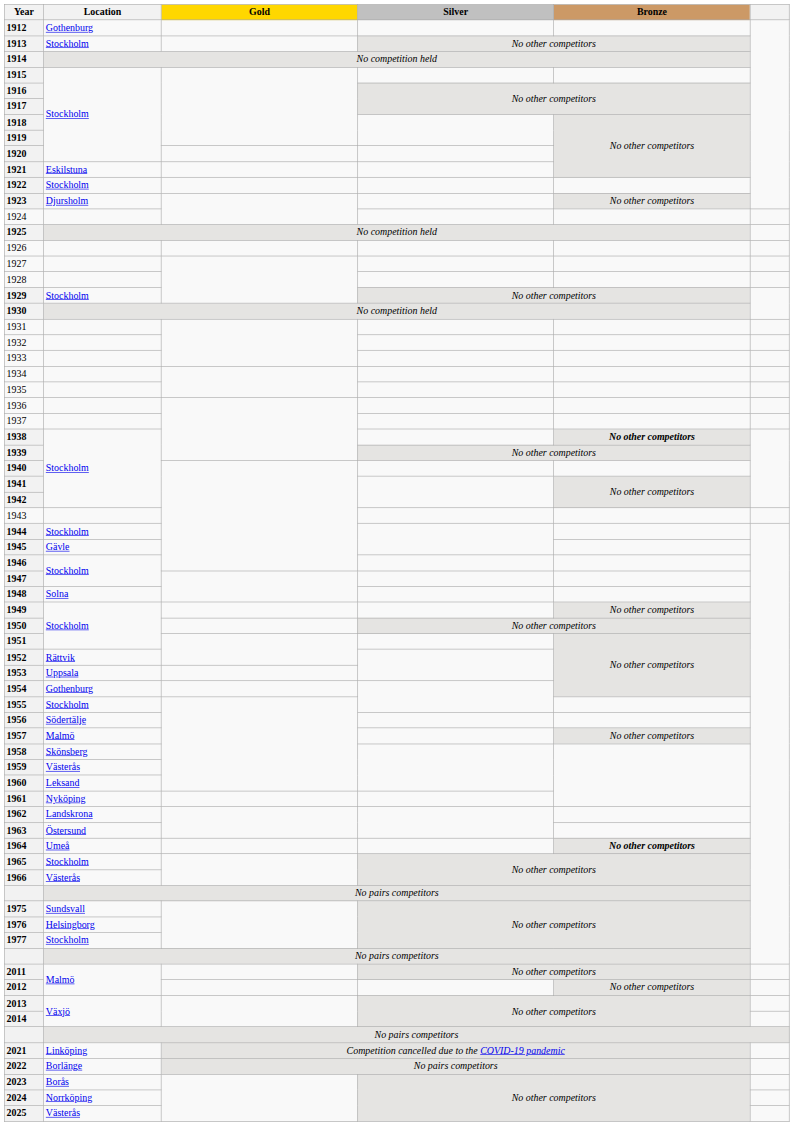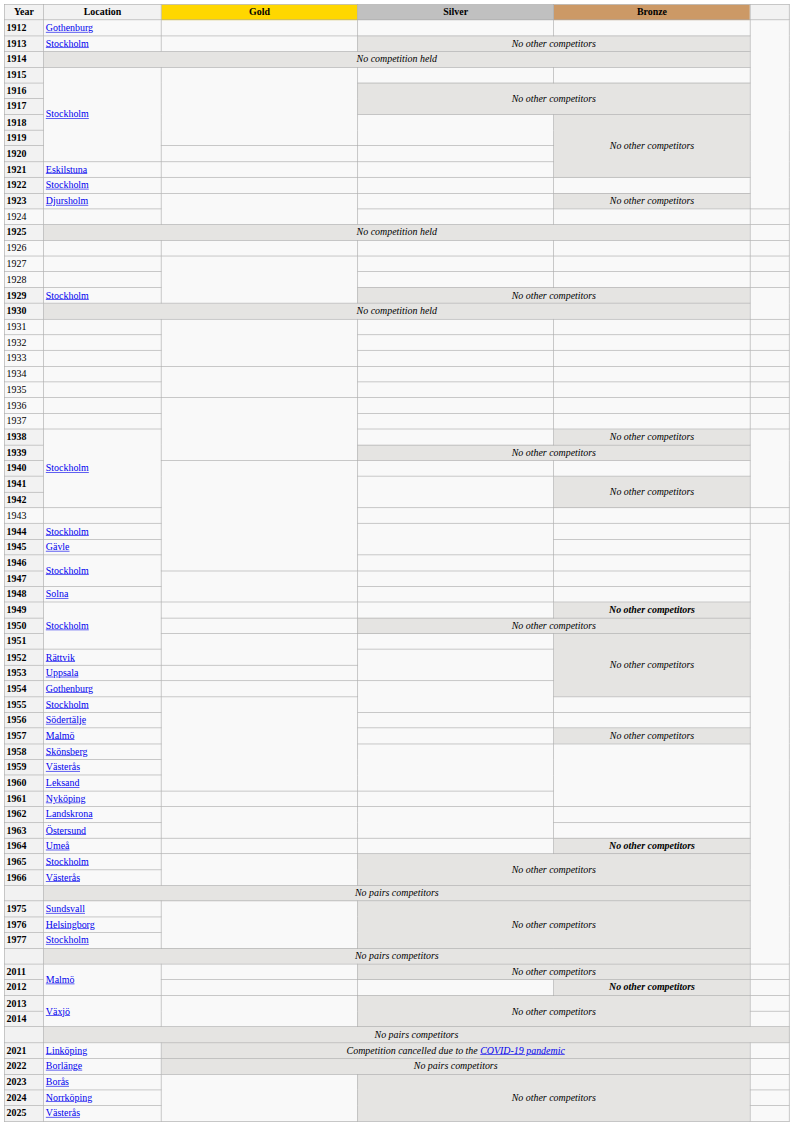 <table class="wikitable unsortable" style="text-align:left; width:80%">
 <tr>
 <th scope="col" style="text-align:center; width:5%">Year</th>
 <th scope="col" style="text-align:center; width:15%">Location</th>
 <th scope="col" style="text-align:center; width:25%; background:gold">Gold</th>
 <th scope="col" style="text-align:center; width:25%; background:silver">Silver</th>
 <th scope="col" style="text-align:center; width:25%; background:#c96">Bronze</th>
 <th scope="col" style="text-align:center; width:5%"></th>
 </tr>
 <tr>
 <th scope="row" style="text-align:left">1912</th>
 <td><a href='#'>Gothenburg</a></td>
 <td></td>
 <td></td>
 <td></td>
 <td rowspan="12"></td>
 </tr>
 <tr>
 <th scope="row" style="text-align:left">1913</th>
 <td><a href='#'>Stockholm</a></td>
 <td></td>
 <td colspan="2" align="center" bgcolor="e5e4e2"><em>No other competitors</em></td>
 </tr>
 <tr>
 <th scope="row" style="text-align:left">1914</th>
 <td colspan="4" align="center" bgcolor="e5e4e2"><em>No competition held</em></td>
 </tr>
 <tr>
 <th scope="row" style="text-align:left">1915</th>
 <td rowspan="6"><a href='#'>Stockholm</a></td>
 <td rowspan="5"></td>
 <td></td>
 <td></td>
 </tr>
 <tr>
 <th scope="row" style="text-align:left">1916</th>
 <td colspan="2" rowspan="2" align="center" bgcolor="e5e4e2"><em>No other competitors</em></td>
 </tr>
 <tr>
 <th scope="row" style="text-align:left">1917</th>
 </tr>
 <tr>
 <th scope="row" style="text-align:left">1918</th>
 <td rowspan="2"></td>
 <td rowspan="4" align="center" bgcolor="e5e4e2"><em>No other competitors</em></td>
 </tr>
 <tr>
 <th scope="row" style="text-align:left">1919</th>
 </tr>
 <tr>
 <th scope="row" style="text-align:left">1920</th>
 <td></td>
 <td></td>
 </tr>
 <tr>
 <th scope="row" style="text-align:left">1921</th>
 <td><a href='#'>Eskilstuna</a></td>
 <td></td>
 <td></td>
 </tr>
 <tr>
 <th scope="row" style="text-align:left">1922</th>
 <td><a href='#'>Stockholm</a></td>
 <td></td>
 <td></td>
 <td></td>
 </tr>
 <tr>
 <th scope="row" style="text-align:left">1923</th>
 <td><a href='#'>Djursholm</a></td>
 <td rowspan="2"></td>
 <td></td>
 <td align="center" bgcolor="e5e4e2"><em>No other competitors</em></td>
 </tr>
 <tr>
 <td>1924</td>
 <td></td>
 <td></td>
 <td></td>
 <td></td>
 </tr>
 <tr>
 <th scope="row" style="text-align:left">1925</th>
 <td colspan="4" align="center" bgcolor="e5e4e2"><em>No competition held</em></td>
 <td></td>
 </tr>
 <tr>
 <td>1926</td>
 <td></td>
 <td></td>
 <td></td>
 <td></td>
 <td></td>
 </tr>
 <tr>
 <td>1927</td>
 <td></td>
 <td rowspan="3"></td>
 <td></td>
 <td></td>
 <td></td>
 </tr>
 <tr>
 <td>1928</td>
 <td></td>
 <td></td>
 <td></td>
 <td></td>
 </tr>
 <tr>
 <th scope="row" style="text-align:left">1929</th>
 <td><a href='#'>Stockholm</a></td>
 <td colspan="2" align="center" bgcolor="e5e4e2"><em>No other competitors</em></td>
 <td rowspan="2"></td>
 </tr>
 <tr>
 <th scope="row" style="text-align:left">1930</th>
 <td colspan="4" align="center" bgcolor="e5e4e2"><em>No competition held</em></td>
 </tr>
 <tr>
 <td>1931</td>
 <td></td>
 <td rowspan="3"></td>
 <td></td>
 <td></td>
 <td></td>
 </tr>
 <tr>
 <td>1932</td>
 <td></td>
 <td></td>
 <td></td>
 <td></td>
 </tr>
 <tr>
 <td>1933</td>
 <td></td>
 <td></td>
 <td></td>
 <td></td>
 </tr>
 <tr>
 <td>1934</td>
 <td></td>
 <td rowspan="2"></td>
 <td></td>
 <td></td>
 <td></td>
 </tr>
 <tr>
 <td>1935</td>
 <td></td>
 <td></td>
 <td></td>
 <td></td>
 </tr>
 <tr>
 <td>1936</td>
 <td></td>
 <td rowspan="4"></td>
 <td></td>
 <td></td>
 <td></td>
 </tr>
 <tr>
 <td>1937</td>
 <td></td>
 <td></td>
 <td></td>
 <td></td>
 </tr>
 <tr>
 <th scope="row" style="text-align:left">1938</th>
 <td rowspan="5"><a href='#'>Stockholm</a></td>
 <td></td>
-<td align="center" bgcolor="e5e4e2"><strong><em>No other competitors</em></strong></td>
+<td align="center" bgcolor="e5e4e2"><em>No other competitors</em></td>
 <td rowspan="5"></td>
 </tr>
 <tr>
 <th scope="row" style="text-align:left">1939</th>
 <td colspan="2" align="center" bgcolor="e5e4e2"><em>No other competitors</em></td>
 </tr>
 <tr>
 <th scope="row" style="text-align:left">1940</th>
 <td rowspan="7"></td>
 <td></td>
 <td></td>
 </tr>
 <tr>
 <th scope="row" style="text-align:left">1941</th>
 <td rowspan="2"></td>
 <td rowspan="2" align="center" bgcolor="e5e4e2"><em>No other competitors</em></td>
 </tr>
 <tr>
 <th scope="row" style="text-align:left">1942</th>
 </tr>
 <tr>
 <td>1943</td>
 <td></td>
 <td></td>
 <td></td>
 <td></td>
 </tr>
 <tr>
 <th scope="row" style="text-align:left">1944</th>
 <td><a href='#'>Stockholm</a></td>
 <td rowspan="2"></td>
 <td></td>
 <td rowspan="28"></td>
 </tr>
 <tr>
 <th scope="row" style="text-align:left">1945</th>
 <td><a href='#'>Gävle</a></td>
 <td></td>
 </tr>
 <tr>
 <th scope="row" style="text-align:left">1946</th>
 <td rowspan="2"><a href='#'>Stockholm</a></td>
 <td></td>
 <td></td>
 </tr>
 <tr>
 <th scope="row" style="text-align:left">1947</th>
 <td rowspan="2"></td>
 <td></td>
 <td></td>
 </tr>
 <tr>
 <th scope="row" style="text-align:left">1948</th>
 <td><a href='#'>Solna</a></td>
 <td></td>
 <td></td>
 </tr>
 <tr>
 <th scope="row" style="text-align:left">1949</th>
 <td rowspan="3"><a href='#'>Stockholm</a></td>
 <td></td>
 <td></td>
-<td align="center" bgcolor="e5e4e2"><em>No other competitors</em></td>
+<td align="center" bgcolor="e5e4e2"><strong><em>No other competitors</em></strong></td>
 </tr>
 <tr>
 <th scope="row" style="text-align:left">1950</th>
 <td></td>
 <td colspan="2" align="center" bgcolor="e5e4e2"><em>No other competitors</em></td>
 </tr>
 <tr>
 <th scope="row" style="text-align:left">1951</th>
 <td rowspan="2"></td>
 <td></td>
 <td rowspan="4" align="center" bgcolor="e5e4e2"><em>No other competitors</em></td>
 </tr>
 <tr>
 <th scope="row" style="text-align:left">1952</th>
 <td><a href='#'>Rättvik</a></td>
 <td rowspan="2"></td>
 </tr>
 <tr>
 <th scope="row" style="text-align:left">1953</th>
 <td><a href='#'>Uppsala</a></td>
 <td></td>
 </tr>
 <tr>
 <th scope="row" style="text-align:left">1954</th>
 <td><a href='#'>Gothenburg</a></td>
 <td></td>
 <td rowspan="2"></td>
 </tr>
 <tr>
 <th scope="row" style="text-align:left">1955</th>
 <td><a href='#'>Stockholm</a></td>
 <td rowspan="6"></td>
 <td></td>
 </tr>
 <tr>
 <th scope="row" style="text-align:left">1956</th>
 <td><a href='#'>Södertälje</a></td>
 <td></td>
 <td></td>
 </tr>
 <tr>
 <th scope="row" style="text-align:left">1957</th>
 <td><a href='#'>Malmö</a></td>
 <td></td>
 <td align="center" bgcolor="e5e4e2"><em>No other competitors</em></td>
 </tr>
 <tr>
 <th scope="row" style="text-align:left">1958</th>
 <td><a href='#'>Skönsberg</a></td>
 <td rowspan="3"></td>
 <td rowspan="4"></td>
 </tr>
 <tr>
 <th scope="row" style="text-align:left">1959</th>
 <td><a href='#'>Västerås</a></td>
 </tr>
 <tr>
 <th scope="row" style="text-align:left">1960</th>
 <td><a href='#'>Leksand</a></td>
 </tr>
 <tr>
 <th scope="row" style="text-align:left">1961</th>
 <td><a href='#'>Nyköping</a></td>
 <td></td>
 <td></td>
 </tr>
 <tr>
 <th scope="row" style="text-align:left">1962</th>
 <td><a href='#'>Landskrona</a></td>
 <td rowspan="2"></td>
 <td rowspan="2"></td>
 <td></td>
 </tr>
 <tr>
 <th scope="row" style="text-align:left">1963</th>
 <td><a href='#'>Östersund</a></td>
 <td></td>
 </tr>
 <tr>
 <th scope="row" style="text-align:left">1964</th>
 <td><a href='#'>Umeå</a></td>
 <td></td>
 <td></td>
 <td align="center" bgcolor="e5e4e2"><strong><em>No other competitors</em></strong></td>
 </tr>
 <tr>
 <th scope="row" style="text-align:left">1965</th>
 <td><a href='#'>Stockholm</a></td>
 <td rowspan="2"></td>
 <td colspan="2" rowspan="2" align="center" bgcolor="e5e4e2"><em>No other competitors</em></td>
 </tr>
 <tr>
 <th scope="row" style="text-align:left">1966</th>
 <td><a href='#'>Västerås</a></td>
 </tr>
 <tr>
 <th scope="row" style="text-align:left"></th>
 <td colspan="4" align="center" bgcolor="e5e4e2"><em>No pairs competitors</em></td>
 </tr>
 <tr>
 <th scope="row" style="text-align:left">1975</th>
 <td><a href='#'>Sundsvall</a></td>
 <td rowspan="3"></td>
 <td colspan="2" rowspan="3" align="center" bgcolor="e5e4e2"><em>No other competitors</em></td>
 </tr>
 <tr>
 <th scope="row" style="text-align:left">1976</th>
 <td><a href='#'>Helsingborg</a></td>
 </tr>
 <tr>
 <th scope="row" style="text-align:left">1977</th>
 <td><a href='#'>Stockholm</a></td>
 </tr>
 <tr>
 <th scope="row" style="text-align:left"></th>
 <td colspan="4" align="center" bgcolor="e5e4e2"><em>No pairs competitors</em></td>
 </tr>
 <tr>
 <th scope="row" style="text-align:left">2011</th>
 <td rowspan="2"><a href='#'>Malmö</a></td>
 <td></td>
 <td colspan="2" align="center" bgcolor="e5e4e2"><em>No other competitors</em></td>
 <td></td>
 </tr>
 <tr>
 <th scope="row" style="text-align:left">2012</th>
 <td></td>
 <td></td>
-<td align="center" bgcolor="e5e4e2"><em>No other competitors</em></td>
+<td align="center" bgcolor="e5e4e2"><strong><em>No other competitors</em></strong></td>
 <td></td>
 </tr>
 <tr>
 <th scope="row" style="text-align:left">2013</th>
 <td rowspan="2"><a href='#'>Växjö</a></td>
 <td rowspan="2"></td>
 <td colspan="2" rowspan="2" align="center" bgcolor="e5e4e2"><em>No other competitors</em></td>
 <td></td>
 </tr>
 <tr>
 <th scope="row" style="text-align:left">2014</th>
 <td></td>
 </tr>
 <tr>
 <th scope="row" style="text-align:left"></th>
 <td colspan="5" align="center" bgcolor="e5e4e2"><em>No pairs competitors</em></td>
 </tr>
 <tr>
 <th scope="row" style="text-align:left">2021</th>
 <td><a href='#'>Linköping</a></td>
 <td colspan="3" align="center" bgcolor="e5e4e2"><em>Competition cancelled due to the <a href='#'>COVID-19 pandemic</a></em></td>
 <td></td>
 </tr>
 <tr>
 <th scope="row" style="text-align:left">2022</th>
 <td><a href='#'>Borlänge</a></td>
 <td colspan="3" align="center" bgcolor="e5e4e2"><em>No pairs competitors</em></td>
 <td></td>
 </tr>
 <tr>
 <th scope="row" style="text-align:left">2023</th>
 <td><a href='#'>Borås</a></td>
 <td rowspan="3"></td>
 <td colspan="2" rowspan="3" align="center" bgcolor="e5e4e2"><em>No other competitors</em></td>
 <td></td>
 </tr>
 <tr>
 <th scope="row" style="text-align:left">2024</th>
 <td><a href='#'>Norrköping</a></td>
 <td></td>
 </tr>
 <tr>
 <th scope="row" style="text-align:left">2025</th>
 <td><a href='#'>Västerås</a></td>
 <td></td>
 </tr>
 </table>
